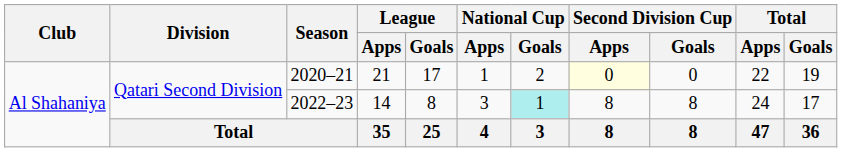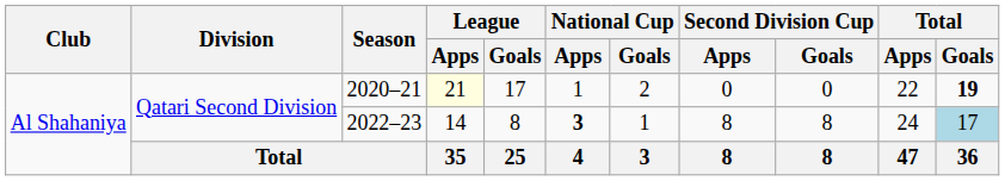 <table class="wikitable" style="text-align: center;">
 <tr>
 <th rowspan="2">Club</th>
 <th rowspan="2">Division</th>
 <th rowspan="2">Season</th>
 <th colspan="2">League</th>
 <th colspan="2">National Cup</th>
 <th colspan="2">Second Division Cup</th>
 <th colspan="2">Total</th>
 </tr>
 <tr>
 <th>Apps</th>
 <th>Goals</th>
 <th>Apps</th>
 <th>Goals</th>
 <th>Apps</th>
 <th>Goals</th>
 <th>Apps</th>
 <th>Goals</th>
 </tr>
 <tr>
 <td rowspan="3"><a href='#'>Al Shahaniya</a></td>
 <td rowspan="2"><a href='#'>Qatari Second Division</a></td>
 <td 2020–21 Qatari Second Division>2020–21</td>
-<td>21</td>
+<td style="background: lightyellow;">21</td>
 <td>17</td>
 <td>1</td>
 <td>2</td>
-<td style="background: lightyellow;">0</td>
+<td>0</td>
 <td>0</td>
 <td>22</td>
-<td>19</td>
+<td><strong>19</strong></td>
 </tr>
 <tr>
 <td 2022–23 Qatari Second Division>2022–23</td>
 <td>14</td>
 <td>8</td>
-<td>3</td>
-<td style="background: paleturquoise;">1</td>
+<td><strong>3</strong></td>
+<td>1</td>
 <td>8</td>
 <td>8</td>
 <td>24</td>
-<td>17</td>
+<td style="background: lightblue;">17</td>
 </tr>
 <tr>
 <th colspan="2">Total</th>
 <th>35</th>
 <th>25</th>
 <th>4</th>
 <th>3</th>
 <th>8</th>
 <th>8</th>
 <th>47</th>
 <th>36</th>
 </tr>
 </table>
